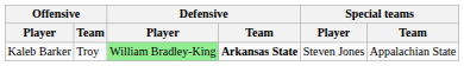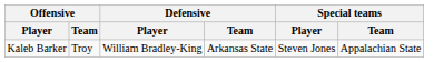 <table class="wikitable">
 <tr>
 <th colspan="2">Offensive</th>
 <th colspan="2">Defensive</th>
 <th colspan="2">Special teams</th>
 </tr>
 <tr>
 <th>Player</th>
 <th>Team</th>
 <th>Player</th>
 <th>Team</th>
 <th>Player</th>
 <th>Team</th>
 </tr>
 <tr>
 <td>Kaleb Barker</td>
 <td>Troy</td>
-<td style="background: lightgreen;">William Bradley-King</td>
-<td><strong>Arkansas State</strong></td>
+<td>William Bradley-King</td>
+<td>Arkansas State</td>
 <td>Steven Jones</td>
 <td>Appalachian State</td>
 </tr>
 </table>
